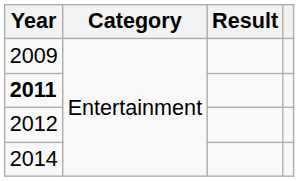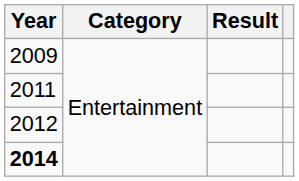 <table class="wikitable">
 <tr>
 <th scope="col">Year</th>
 <th scope="col">Category</th>
 <th scope="col">Result</th>
 <th scope="col" class="unsortable"></th>
 </tr>
 <tr>
 <td>2009</td>
 <td rowspan="4">Entertainment</td>
 <td></td>
 <td></td>
 </tr>
 <tr>
-<td><strong>2011</strong></td>
+<td>2011</td>
 <td></td>
 <td></td>
 </tr>
 <tr>
 <td>2012</td>
 <td></td>
 <td></td>
 </tr>
 <tr>
-<td>2014</td>
+<td><strong>2014</strong></td>
 <td></td>
 <td></td>
 </tr>
 </table>
